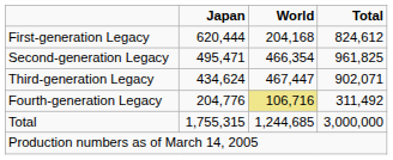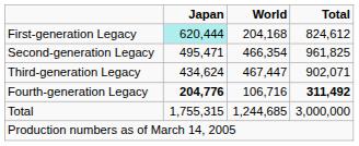 <table class="wikitable">
 <tr>
 <td style="width:200px"></td>
 <td style="text-align:right; width:75px;"><strong>Japan</strong></td>
 <td style="text-align:right; width:75px;"><strong>World</strong></td>
 <td style="text-align:right; width:75px;"><strong>Total</strong></td>
 </tr>
 <tr>
 <td>First-generation Legacy</td>
-<td align=right>620,444</td>
+<td align=right style="background: paleturquoise;">620,444</td>
 <td align=right>204,168</td>
 <td align=right>824,612</td>
 </tr>
 <tr>
 <td>Second-generation Legacy</td>
 <td align=right>495,471</td>
 <td align=right>466,354</td>
 <td align=right>961,825</td>
 </tr>
 <tr>
 <td>Third-generation Legacy</td>
 <td align=right>434,624</td>
 <td align=right>467,447</td>
 <td align=right>902,071</td>
 </tr>
 <tr>
 <td>Fourth-generation Legacy</td>
-<td align=right>204,776</td>
-<td align=right style="background: khaki;">106,716</td>
-<td align=right>311,492</td>
+<td align=right><strong>204,776</strong></td>
+<td align=right>106,716</td>
+<td align=right><strong>311,492</strong></td>
 </tr>
 <tr>
 <td>Total</td>
 <td align=right>1,755,315</td>
 <td align=right>1,244,685</td>
 <td align=right>3,000,000</td>
 </tr>
 <tr>
 <td colspan=4>Production numbers as of March 14, 2005</td>
 </tr>
 </table>
